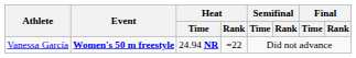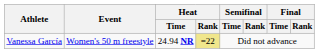 <table class=wikitable style="font-size:90%">
 <tr>
 <th rowspan="2">Athlete</th>
 <th rowspan="2">Event</th>
 <th colspan="2">Heat</th>
 <th colspan="2">Semifinal</th>
 <th colspan="2">Final</th>
 </tr>
 <tr style="font-size:95%">
 <th>Time</th>
 <th>Rank</th>
 <th>Time</th>
 <th>Rank</th>
 <th>Time</th>
 <th>Rank</th>
 </tr>
 <tr align=center>
 <td align=left><a href='#'>Vanessa García</a></td>
-<td align=left><strong><a href='#'>Women's 50 m freestyle</a></strong></td>
+<td align=left><a href='#'>Women's 50 m freestyle</a></td>
 <td>24.94 <strong><a href='#'>NR</a></strong></td>
-<td>=22</td>
+<td style="background: khaki;">=22</td>
 <td colspan=4>Did not advance</td>
 </tr>
 </table>
